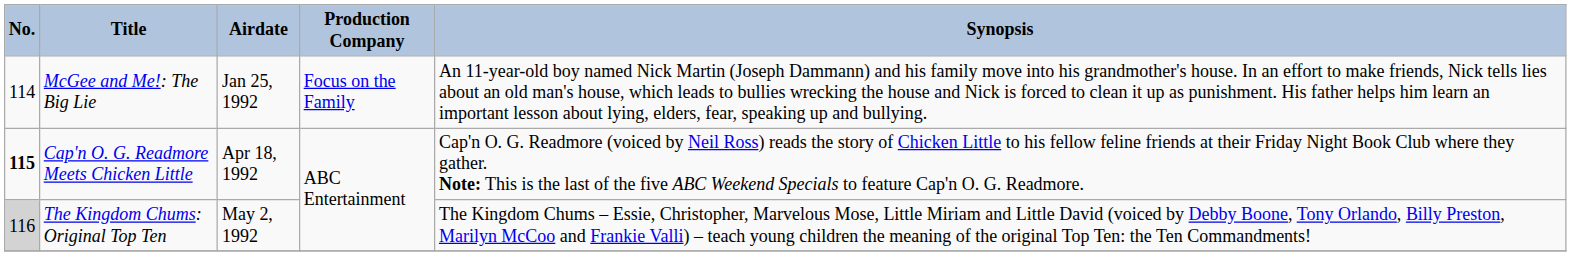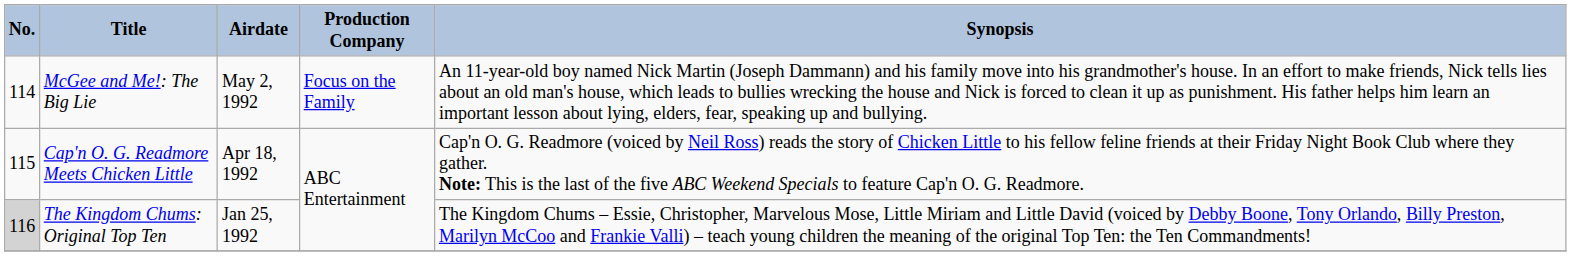 <table class="wikitable" style="font-size:90%;">
 <tr>
 <th style="background:#B0C4DE;">No.</th>
 <th style="background:#B0C4DE;">Title</th>
 <th style="background:#B0C4DE;">Airdate</th>
 <th style="background:#B0C4DE;">Production Company</th>
 <th style="background:#B0C4DE;">Synopsis</th>
 </tr>
 <tr>
 <td align="center">114</td>
 <td><em><a href='#'>McGee and Me!</a>: The Big Lie</em></td>
-<td>Jan 25, 1992</td>
+<td>May 2, 1992</td>
 <td><a href='#'>Focus on the Family</a></td>
 <td>An 11-year-old boy named Nick Martin (Joseph Dammann) and his family move into his grandmother's house. In an effort to make friends, Nick tells lies about an old man's house, which leads to bullies wrecking the house and Nick is forced to clean it up as punishment. His father helps him learn an important lesson about lying, elders, fear, speaking up and bullying.</td>
 </tr>
 <tr>
-<td align="center"><strong>115</strong></td>
+<td align="center">115</td>
 <td><em><a href='#'>Cap'n O. G. Readmore Meets Chicken Little</a></em></td>
 <td>Apr 18, 1992</td>
 <td rowspan=2>ABC Entertainment</td>
 <td>Cap'n O. G. Readmore (voiced by <a href='#'>Neil Ross</a>) reads the story of <a href='#'>Chicken Little</a> to his fellow feline friends at their Friday Night Book Club where they gather.<br><strong>Note:</strong> This is the last of the five <em>ABC Weekend Specials</em> to feature Cap'n O. G. Readmore.</td>
 </tr>
 <tr>
 <td align="center" style="background: lightgrey;">116</td>
 <td><em><a href='#'>The Kingdom Chums</a>: Original Top Ten</em></td>
-<td>May 2, 1992</td>
+<td>Jan 25, 1992</td>
 <td>The Kingdom Chums – Essie, Christopher, Marvelous Mose, Little Miriam and Little David (voiced by <a href='#'>Debby Boone</a>, <a href='#'>Tony Orlando</a>, <a href='#'>Billy Preston</a>, <a href='#'>Marilyn McCoo</a> and <a href='#'>Frankie Valli</a>) – teach young children the meaning of the original Top Ten: the Ten Commandments!</td>
 </tr>
 <tr>
 </tr>
 </table>
